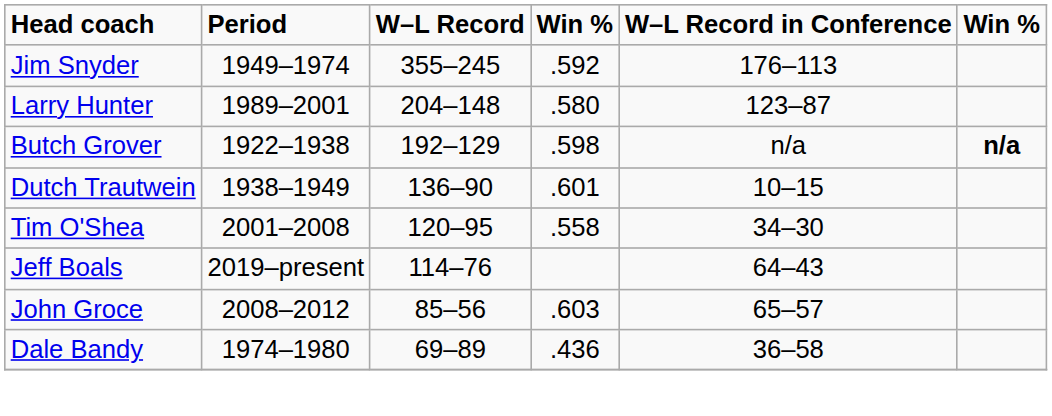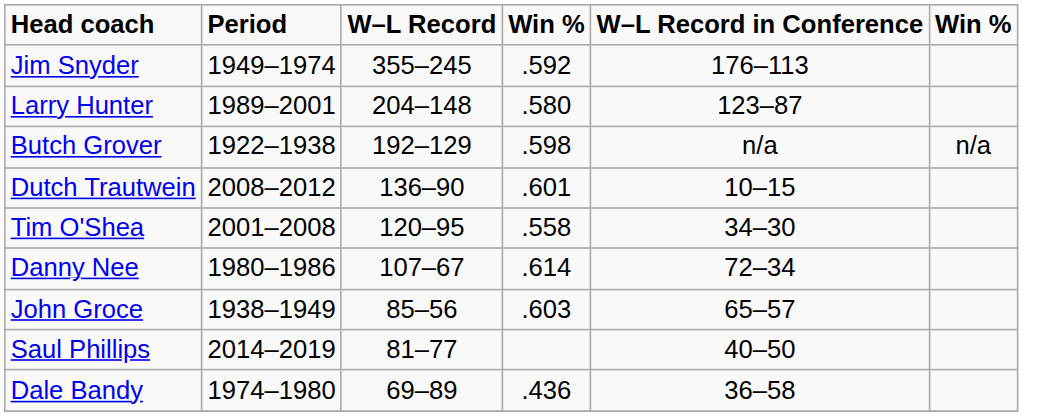 <table class="wikitable">
 <tr>
 <td><span><strong>Head coach</strong></span></td>
 <td><span><strong>Period</strong></span></td>
 <td><span><strong>W–L  Record</strong></span></td>
 <td><span><strong>Win %</strong></span></td>
 <td><span><strong>W–L  Record in Conference</strong></span></td>
 <td><span><strong>Win %</strong></span></td>
 </tr>
 <tr>
 <td><a href='#'>Jim Snyder</a></td>
 <td align=center>1949–1974</td>
 <td align=center>355–245</td>
 <td align=center>.592</td>
 <td align="center">176–113</td>
 <td align="center"></td>
 </tr>
 <tr>
 <td><a href='#'>Larry Hunter</a></td>
 <td align=center>1989–2001</td>
 <td align=center>204–148</td>
 <td align=center>.580</td>
 <td align="center">123–87</td>
 <td align="center"></td>
 </tr>
 <tr>
 <td><a href='#'>Butch Grover</a></td>
 <td align=center>1922–1938</td>
 <td align=center>192–129</td>
 <td align=center>.598</td>
 <td align=center>n/a</td>
-<td align=center><strong>n/a</strong></td>
+<td align=center>n/a</td>
 </tr>
 <tr>
 <td><a href='#'>Dutch Trautwein</a></td>
-<td align=center>1938–1949</td>
+<td align=center>2008–2012</td>
 <td align=center>136–90</td>
 <td align=center>.601</td>
 <td align="center">10–15</td>
 <td align="center"></td>
 </tr>
 <tr>
 <td><a href='#'>Tim O'Shea</a></td>
 <td align=center>2001–2008</td>
 <td align=center>120–95</td>
 <td align=center>.558</td>
 <td align="center">34–30</td>
 <td align="center"></td>
 </tr>
 <tr>
-<td><a href='#'>Jeff Boals</a></td>
-<td align=center>2019–present</td>
-<td align="center">114–76</td>
-<td align="center"></td>
-<td align="center">64–43</td>
+<td><a href='#'>Danny Nee</a></td>
+<td align=center>1980–1986</td>
+<td align=center>107–67</td>
+<td align=center>.614</td>
+<td align="center">72–34</td>
 <td align="center"></td>
 </tr>
 <tr>
 <td><a href='#'>John Groce</a></td>
-<td align=center>2008–2012</td>
+<td align=center>1938–1949</td>
 <td align=center>85–56</td>
 <td align=center>.603</td>
 <td align="center">65–57</td>
+<td align="center"></td>
+</tr>
+<tr>
+<td><a href='#'>Saul Phillips</a></td>
+<td align=center>2014–2019</td>
+<td align="center">81–77</td>
+<td align="center"></td>
+<td align="center">40–50</td>
 <td align="center"></td>
 </tr>
 <tr>
 <td><a href='#'>Dale Bandy</a></td>
 <td align=center>1974–1980</td>
 <td align=center>69–89</td>
 <td align=center>.436</td>
 <td align="center">36–58</td>
 <td align="center"></td>
 </tr>
 <tr>
 </tr>
 </table>
